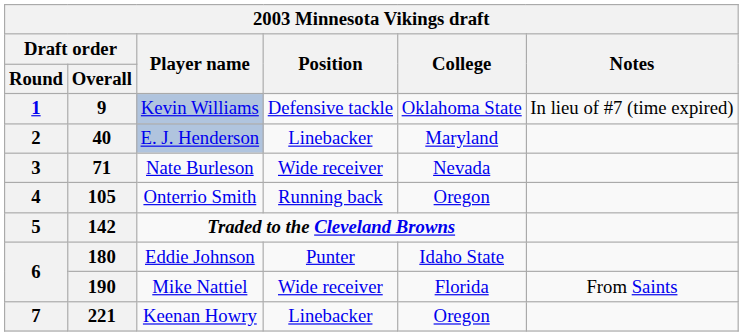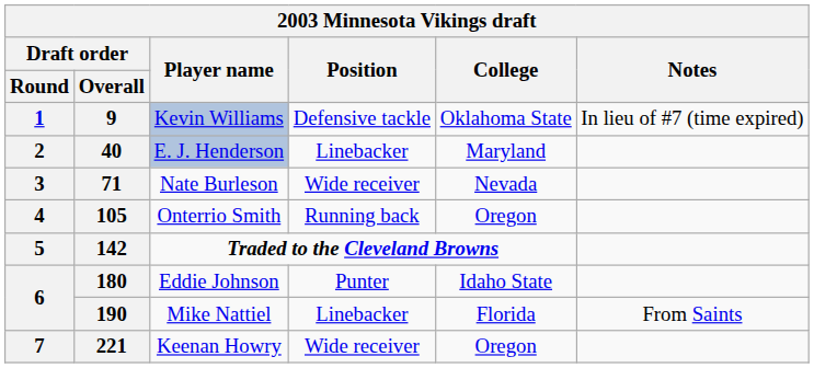 <table class="wikitable" style="text-align:center">
 <tr>
 <th colspan="6">2003 Minnesota Vikings draft</th>
 </tr>
 <tr>
 <th colspan="2">Draft order</th>
 <th rowspan="2">Player name</th>
 <th rowspan="2">Position</th>
 <th rowspan="2">College</th>
 <th rowspan="2">Notes</th>
 </tr>
 <tr>
 <th>Round</th>
 <th>Overall</th>
 </tr>
 <tr>
 <th><a href='#'>1</a></th>
 <th>9</th>
 <td bgcolor=lightsteelblue><a href='#'>Kevin Williams</a></td>
 <td><a href='#'>Defensive tackle</a></td>
 <td><a href='#'>Oklahoma State</a></td>
 <td>In lieu of #7 (time expired)</td>
 </tr>
 <tr>
 <th>2</th>
 <th>40</th>
 <td bgcolor=lightsteelblue><a href='#'>E. J. Henderson</a></td>
 <td><a href='#'>Linebacker</a></td>
 <td><a href='#'>Maryland</a></td>
 <td></td>
 </tr>
 <tr>
 <th>3</th>
 <th>71</th>
 <td><a href='#'>Nate Burleson</a></td>
 <td><a href='#'>Wide receiver</a></td>
 <td><a href='#'>Nevada</a></td>
 <td></td>
 </tr>
 <tr>
 <th>4</th>
 <th>105</th>
 <td><a href='#'>Onterrio Smith</a></td>
 <td><a href='#'>Running back</a></td>
 <td><a href='#'>Oregon</a></td>
 <td></td>
 </tr>
 <tr>
 <th>5</th>
 <th>142</th>
 <td colspan="3"><strong><em>Traded to the <a href='#'>Cleveland Browns</a></em></strong></td>
 <td></td>
 </tr>
 <tr>
 <th rowspan="2">6</th>
 <th>180</th>
 <td><a href='#'>Eddie Johnson</a></td>
 <td><a href='#'>Punter</a></td>
 <td><a href='#'>Idaho State</a></td>
 <td></td>
 </tr>
 <tr>
 <th>190</th>
 <td><a href='#'>Mike Nattiel</a></td>
-<td><a href='#'>Wide receiver</a></td>
+<td><a href='#'>Linebacker</a></td>
 <td><a href='#'>Florida</a></td>
 <td>From <a href='#'>Saints</a></td>
 </tr>
 <tr>
 <th>7</th>
 <th>221</th>
 <td><a href='#'>Keenan Howry</a></td>
-<td><a href='#'>Linebacker</a></td>
+<td><a href='#'>Wide receiver</a></td>
 <td><a href='#'>Oregon</a></td>
 <td></td>
 </tr>
 </table>
